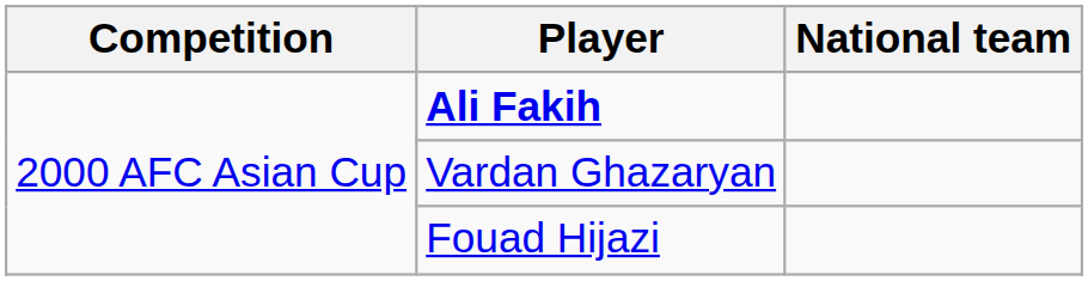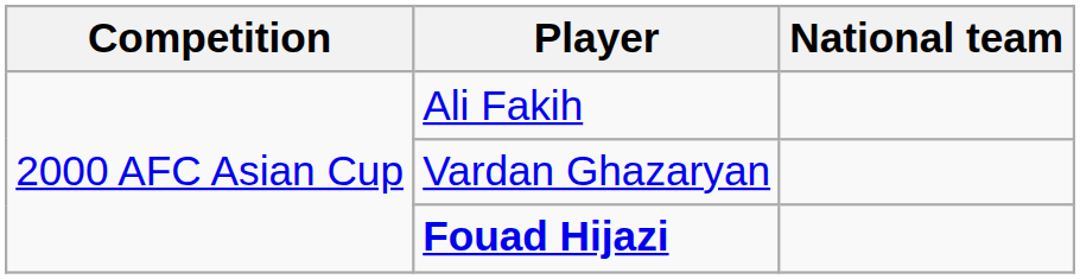 <table class="wikitable">
 <tr>
 <th>Competition</th>
 <th>Player</th>
 <th>National team</th>
 </tr>
 <tr>
 <td rowspan="3"><a href='#'>2000 AFC Asian Cup</a></td>
-<td><strong><a href='#'>Ali Fakih</a></strong></td>
+<td><a href='#'>Ali Fakih</a></td>
 <td></td>
 </tr>
 <tr>
 <td><a href='#'>Vardan Ghazaryan</a></td>
 <td></td>
 </tr>
 <tr>
-<td><a href='#'>Fouad Hijazi</a></td>
+<td><strong><a href='#'>Fouad Hijazi</a></strong></td>
 <td></td>
 </tr>
 </table>
